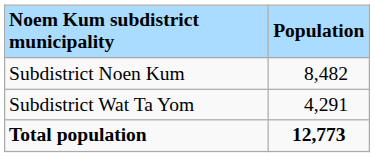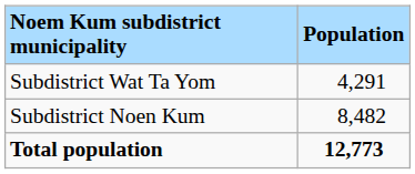 <table class="wikitable" style="width:48%; display:inline-table;">
 <tr>
 <th scope="col" style= "width:74%; background: #aadcff; text-align:left;"><strong>Noem Kum subdistrict municipality</strong></th>
 <td scope="col" style= "width:26%; background: #aadcff; text-align:center;"><strong>Population</strong></td>
 </tr>
 <tr>
+<td>Subdistrict Wat Ta Yom</td>
+<td style="text-align:center;">   4,291</td>
+</tr>
+<tr>
 <td>Subdistrict Noen Kum</td>
 <td style="text-align:center;">   8,482</td>
-</tr>
-<tr>
-<td>Subdistrict Wat Ta Yom</td>
-<td style="text-align:center;">   4,291</td>
 </tr>
 <tr>
 <td><strong>Total population</strong></td>
 <td style="text-align:center;"><strong>12,773</strong></td>
 </tr>
 </table>
